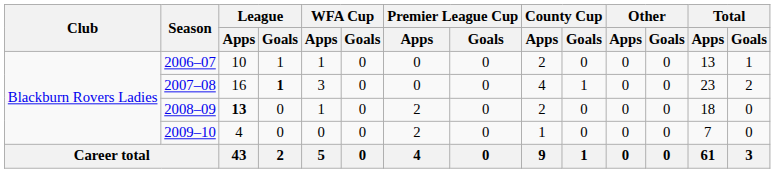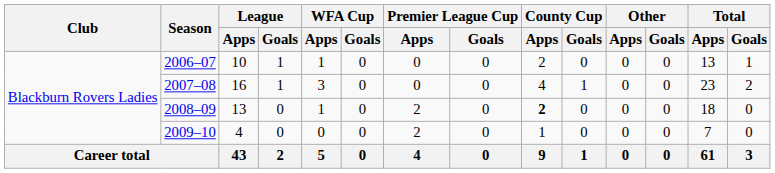 <table class="wikitable" border="1" style="text-align: center;">
 <tr>
 <th rowspan="2">Club</th>
 <th rowspan="2">Season</th>
 <th colspan="2">League</th>
 <th colspan="2">WFA Cup</th>
 <th colspan="2">Premier League Cup</th>
 <th colspan="2">County Cup</th>
 <th colspan="2">Other</th>
 <th colspan="2">Total</th>
 </tr>
 <tr>
 <th>Apps</th>
 <th>Goals</th>
 <th>Apps</th>
 <th>Goals</th>
 <th>Apps</th>
 <th>Goals</th>
 <th>Apps</th>
 <th>Goals</th>
 <th>Apps</th>
 <th>Goals</th>
 <th>Apps</th>
 <th>Goals</th>
 </tr>
 <tr>
 <td rowspan="4" valign="center"><a href='#'>Blackburn Rovers Ladies</a></td>
 <td><a href='#'>2006–07</a></td>
 <td>10</td>
 <td>1</td>
 <td>1</td>
 <td>0</td>
 <td>0</td>
 <td>0</td>
 <td>2</td>
 <td>0</td>
 <td>0</td>
 <td>0</td>
 <td>13</td>
 <td>1</td>
 </tr>
 <tr>
 <td><a href='#'>2007–08</a></td>
 <td>16</td>
-<td><strong>1</strong></td>
+<td>1</td>
 <td>3</td>
 <td>0</td>
 <td>0</td>
 <td>0</td>
 <td>4</td>
 <td>1</td>
 <td>0</td>
 <td>0</td>
 <td>23</td>
 <td>2</td>
 </tr>
 <tr>
 <td><a href='#'>2008–09</a></td>
-<td><strong>13</strong></td>
+<td>13</td>
 <td>0</td>
 <td>1</td>
 <td>0</td>
 <td>2</td>
 <td>0</td>
-<td>2</td>
+<td><strong>2</strong></td>
 <td>0</td>
 <td>0</td>
 <td>0</td>
 <td>18</td>
 <td>0</td>
 </tr>
 <tr>
 <td><a href='#'>2009–10</a></td>
 <td>4</td>
 <td>0</td>
 <td>0</td>
 <td>0</td>
 <td>2</td>
 <td>0</td>
 <td>1</td>
 <td>0</td>
 <td>0</td>
 <td>0</td>
 <td>7</td>
 <td>0</td>
 </tr>
 <tr>
 <th colspan="2">Career total</th>
 <th>43</th>
 <th>2</th>
 <th>5</th>
 <th>0</th>
 <th>4</th>
 <th>0</th>
 <th>9</th>
 <th>1</th>
 <th>0</th>
 <th>0</th>
 <th>61</th>
 <th>3</th>
 </tr>
 </table>
